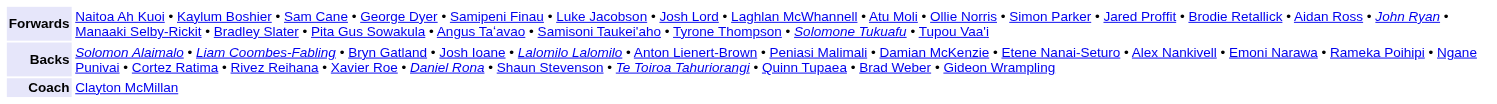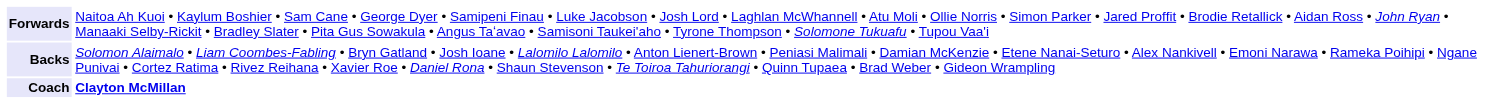 <table cellpadding="2" style="border: 1px solid white; font-size:90%;">
 <tr>
 <td style="text-align:right;" bgcolor="lavender"><strong>Forwards</strong></td>
 <td style="text-align:left;"><a href='#'>Naitoa Ah Kuoi</a> • <a href='#'>Kaylum Boshier</a> • <a href='#'>Sam Cane</a> • <a href='#'>George Dyer</a> • <a href='#'>Samipeni Finau</a> • <a href='#'>Luke Jacobson</a> • <a href='#'>Josh Lord</a> • <a href='#'>Laghlan McWhannell</a> • <a href='#'>Atu Moli</a> • <a href='#'>Ollie Norris</a> • <a href='#'>Simon Parker</a> • <a href='#'>Jared Proffit</a> • <a href='#'>Brodie Retallick</a> • <a href='#'>Aidan Ross</a> • <em><a href='#'>John Ryan</a></em> • <a href='#'>Manaaki Selby-Rickit</a> • <a href='#'>Bradley Slater</a> • <a href='#'>Pita Gus Sowakula</a> • <a href='#'>Angus Taʻavao</a> • <a href='#'>Samisoni Taukei'aho</a> • <a href='#'>Tyrone Thompson</a> • <em><a href='#'>Solomone Tukuafu</a></em> • <a href='#'>Tupou Vaa'i</a></td>
 </tr>
 <tr>
 <td style="text-align:right;" bgcolor="lavender"><strong>Backs</strong></td>
 <td style="text-align:left;"><em><a href='#'>Solomon Alaimalo</a></em> • <em><a href='#'>Liam Coombes-Fabling</a></em> • <a href='#'>Bryn Gatland</a> • <a href='#'>Josh Ioane</a> • <em><a href='#'>Lalomilo Lalomilo</a></em> • <a href='#'>Anton Lienert-Brown</a> • <a href='#'>Peniasi Malimali</a> • <a href='#'>Damian McKenzie</a> • <a href='#'>Etene Nanai-Seturo</a> • <a href='#'>Alex Nankivell</a> • <a href='#'>Emoni Narawa</a> • <a href='#'>Rameka Poihipi</a> • <a href='#'>Ngane Punivai</a> • <a href='#'>Cortez Ratima</a> • <a href='#'>Rivez Reihana</a> • <a href='#'>Xavier Roe</a> • <em><a href='#'>Daniel Rona</a></em> • <a href='#'>Shaun Stevenson</a> • <em><a href='#'>Te Toiroa Tahuriorangi</a></em> • <a href='#'>Quinn Tupaea</a> • <a href='#'>Brad Weber</a> • <a href='#'>Gideon Wrampling</a></td>
 </tr>
 <tr>
 <td style="text-align:right;" bgcolor="lavender"><strong>Coach</strong></td>
-<td style="text-align:left;"><a href='#'>Clayton McMillan</a></td>
+<td style="text-align:left;"><strong><a href='#'>Clayton McMillan</a></strong></td>
 </tr>
 </table>
